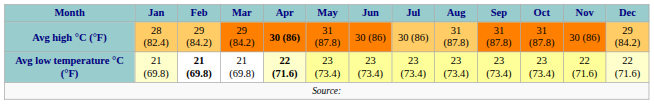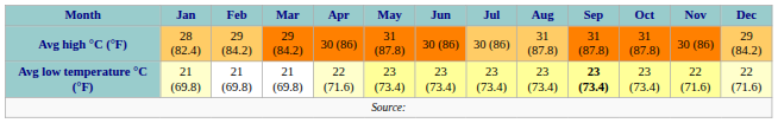 <table class="wikitable" style="font-size:90%; width:100%; border:0; text-align:center; line-height:120%;">
 <tr>
 <th style="background:#9cc; color:navy; height:17px;">Month</th>
 <th style="background:#9cc; color:navy;">Jan</th>
 <th style="background:#9cc; color:navy;">Feb</th>
 <th style="background:#9cc; color:navy;">Mar</th>
 <th style="background:#9cc; color:navy;">Apr</th>
 <th style="background:#9cc; color:navy;">May</th>
 <th style="background:#9cc; color:navy;">Jun</th>
 <th style="background:#9cc; color:navy;">Jul</th>
 <th style="background:#9cc; color:navy;">Aug</th>
 <th style="background:#9cc; color:navy;">Sep</th>
 <th style="background:#9cc; color:navy;">Oct</th>
 <th style="background:#9cc; color:navy;">Nov</th>
 <th style="background:#9cc; color:navy;">Dec</th>
 </tr>
 <tr>
 <th style="background:#9cc; color:navy;">Avg high °C (°F)</th>
 <td style="background:#fc6; color:#000;">28 (82.4)</td>
 <td style="background:#fc6; color:#000;">29 (84.2)</td>
 <td style="background:#ff8000; color:#000;">29 (84.2)</td>
-<td style="background:#ff8000; color:#000;"><strong>30 (86)</strong></td>
+<td style="background:#ff8000; color:#000;">30 (86)</td>
 <td style="background:#ff8000; color:#000;">31 (87.8)</td>
 <td style="background:#ff8000; color:#000;">30 (86)</td>
 <td style="background:#fc6; color:#000;">30 (86)</td>
 <td style="background:#fc6; color:#000;">31 (87.8)</td>
 <td style="background:#ff8000; color:#000;">31 (87.8)</td>
 <td style="background:#ff8000; color:#000;">31 (87.8)</td>
 <td style="background:#ff8000; color:#000;">30 (86)</td>
 <td style="background:#fc6; color:#000;">29 (84.2)</td>
 </tr>
 <tr>
 <th style="background:#9cc; color:navy; height:16px;">Avg low temperature °C (°F)</th>
 <td style="background:#ffc; color:black;">21 (69.8)</td>
-<td style="background:#fff; color:black;"><strong>21 (69.8)</strong></td>
 <td style="background:#fff; color:black;">21 (69.8)</td>
-<td style="background:#ffc; color:black;"><strong>22 (71.6)</strong></td>
+<td style="background:#fff; color:black;">21 (69.8)</td>
+<td style="background:#ffc; color:black;">22 (71.6)</td>
 <td style="background:#ff9; color:black;">23 (73.4)</td>
 <td style="background:#ff9; color:black;">23 (73.4)</td>
 <td style="background:#ff9; color:black;">23 (73.4)</td>
 <td style="background:#ff9; color:black;">23 (73.4)</td>
-<td style="background:#ff9; color:black;">23 (73.4)</td>
+<td style="background:#ff9; color:black;"><strong>23 (73.4)</strong></td>
 <td style="background:#ff9; color:black;">23 (73.4)</td>
 <td style="background:#ff9; color:black;">22 (71.6)</td>
 <td style="background:#ffc; color:black;">22 (71.6)</td>
 </tr>
 <tr>
 <td colspan="14" style="text-align:center;font-size:90%;"><em>Source: </em></td>
 </tr>
 </table>
